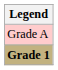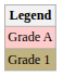 <table class="wikitable" style="font-size:85%;">
 <tr>
 <th>Legend</th>
 </tr>
 <tr bgcolor=ffcccc>
 <td>Grade A</td>
 </tr>
 <tr bgcolor="#C2B280">
-<td><strong>Grade 1</strong></td>
+<td>Grade 1</td>
 </tr>
 </table>
